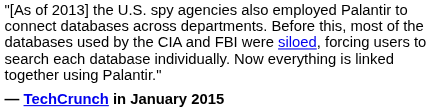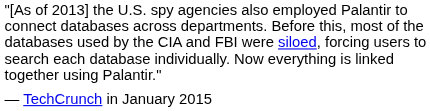 <table class="toccolours" style="float: right; margin-left: 1em; margin-right: 0em; font-size: 85%; width:30em; max-width: 60%;" cellspacing="5">
 <tr>
 <td style="text-align: left;">"[As of 2013] the U.S. spy agencies also employed Palantir to connect databases across departments. Before this, most of the databases used by the CIA and FBI were <a href='#'>siloed</a>, forcing users to search each database individually. Now everything is linked together using Palantir."</td>
 </tr>
 <tr>
-<td style="text-align: left;"><strong>— <a href='#'>TechCrunch</a> in January 2015</strong></td>
+<td style="text-align: left;">— <a href='#'>TechCrunch</a> in January 2015</td>
 </tr>
 </table>
